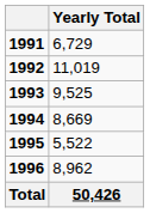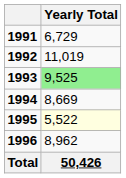 <table class="wikitable">
 <tr>
 <th></th>
 <th>Yearly Total</th>
 </tr>
 <tr>
 <td><strong>1991</strong></td>
 <td>6,729</td>
 </tr>
 <tr>
 <td><strong>1992</strong></td>
 <td>11,019</td>
 </tr>
 <tr>
 <td><strong>1993</strong></td>
-<td>9,525</td>
+<td style="background: lightgreen;">9,525</td>
 </tr>
 <tr>
 <td><strong>1994</strong></td>
 <td>8,669</td>
 </tr>
 <tr>
 <td><strong>1995</strong></td>
-<td>5,522</td>
+<td style="background: lightyellow;">5,522</td>
 </tr>
 <tr>
 <td><strong>1996</strong></td>
 <td>8,962</td>
 </tr>
 <tr>
 <th><strong>Total</strong></th>
 <th><strong><u>50,426</u></strong></th>
 </tr>
 </table>
